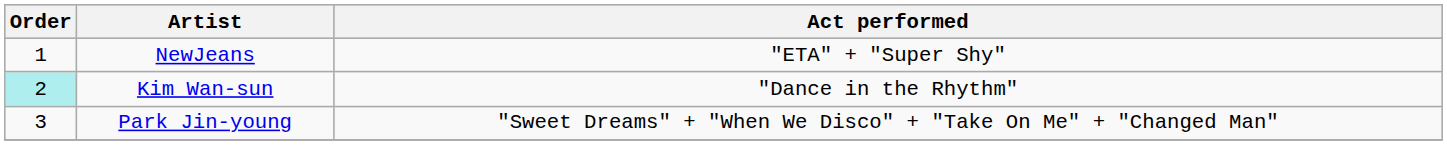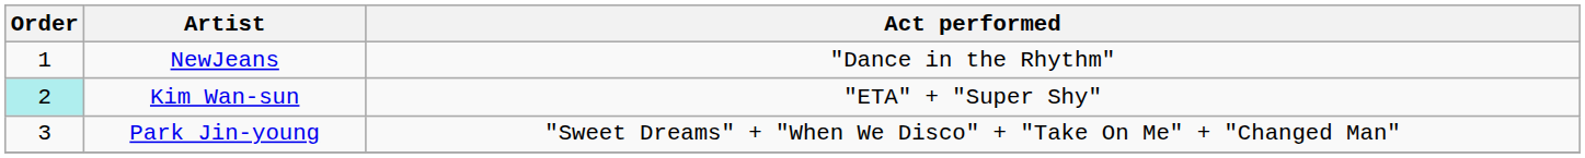 <table class="wikitable" style="text-align:center;">
 <tr>
 <th scope="col" width="5%">Order</th>
 <th scope="col">Artist</th>
 <th scope="col">Act performed</th>
 </tr>
 <tr>
 <td>1</td>
 <td><a href='#'>NewJeans</a></td>
-<td>"ETA" + "Super Shy"</td>
+<td>"Dance in the Rhythm"</td>
 </tr>
 <tr>
 <td style="background: paleturquoise;">2</td>
 <td><a href='#'>Kim Wan-sun</a></td>
-<td>"Dance in the Rhythm"</td>
+<td>"ETA" + "Super Shy"</td>
 </tr>
 <tr>
 <td>3</td>
 <td><a href='#'>Park Jin-young</a></td>
 <td>"Sweet Dreams" + "When We Disco" + "Take On Me" + "Changed Man"</td>
 </tr>
 <tr>
 </tr>
 </table>
